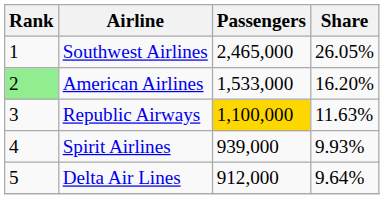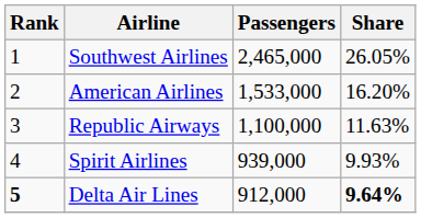 <table class="wikitable sortable" style="font-size: 95%">
 <tr>
 <th>Rank</th>
 <th>Airline</th>
 <th>Passengers</th>
 <th>Share</th>
 </tr>
 <tr>
 <td>1</td>
 <td><a href='#'>Southwest Airlines</a></td>
 <td>2,465,000</td>
 <td>26.05%</td>
 </tr>
 <tr>
-<td style="background: lightgreen;">2</td>
+<td>2</td>
 <td><a href='#'>American Airlines</a></td>
 <td>1,533,000</td>
 <td>16.20%</td>
 </tr>
 <tr>
 <td>3</td>
 <td><a href='#'>Republic Airways</a></td>
-<td style="background: gold;">1,100,000</td>
+<td>1,100,000</td>
 <td>11.63%</td>
 </tr>
 <tr>
 <td>4</td>
 <td><a href='#'>Spirit Airlines</a></td>
 <td>939,000</td>
 <td>9.93%</td>
 </tr>
 <tr>
-<td>5</td>
+<td><strong>5</strong></td>
 <td><a href='#'>Delta Air Lines</a></td>
 <td>912,000</td>
-<td>9.64%</td>
+<td><strong>9.64%</strong></td>
 </tr>
 <tr>
 </tr>
 </table>
